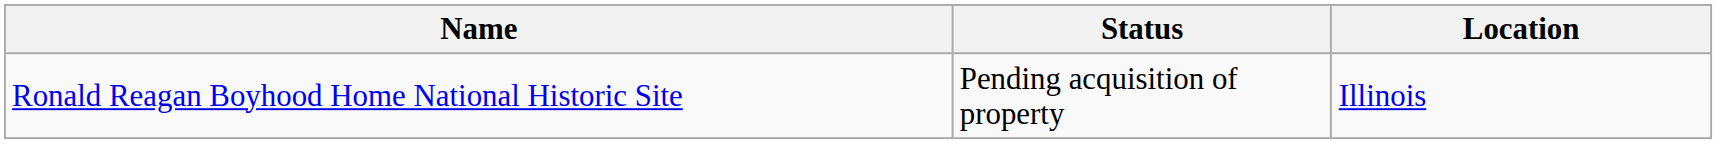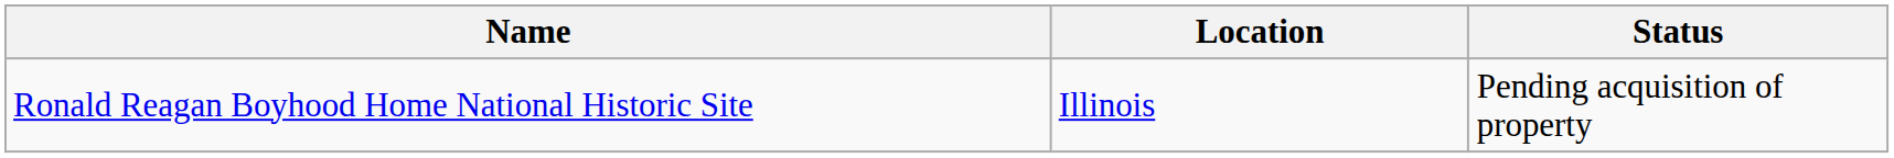 <table class="sortable wikitable" style="width:70%">
 <tr>
 <th style="width:50%;”">Name</th>
+<th style="width:20%;”">Location</th>
 <th style="width:20%;">Status</th>
-<th style="width:20%;”">Location</th>
 </tr>
 <tr>
 <td><a href='#'>Ronald Reagan Boyhood Home National Historic Site</a></td>
+<td><a href='#'>Illinois</a></td>
 <td>Pending acquisition of property</td>
-<td><a href='#'>Illinois</a></td>
 </tr>
 </table>
